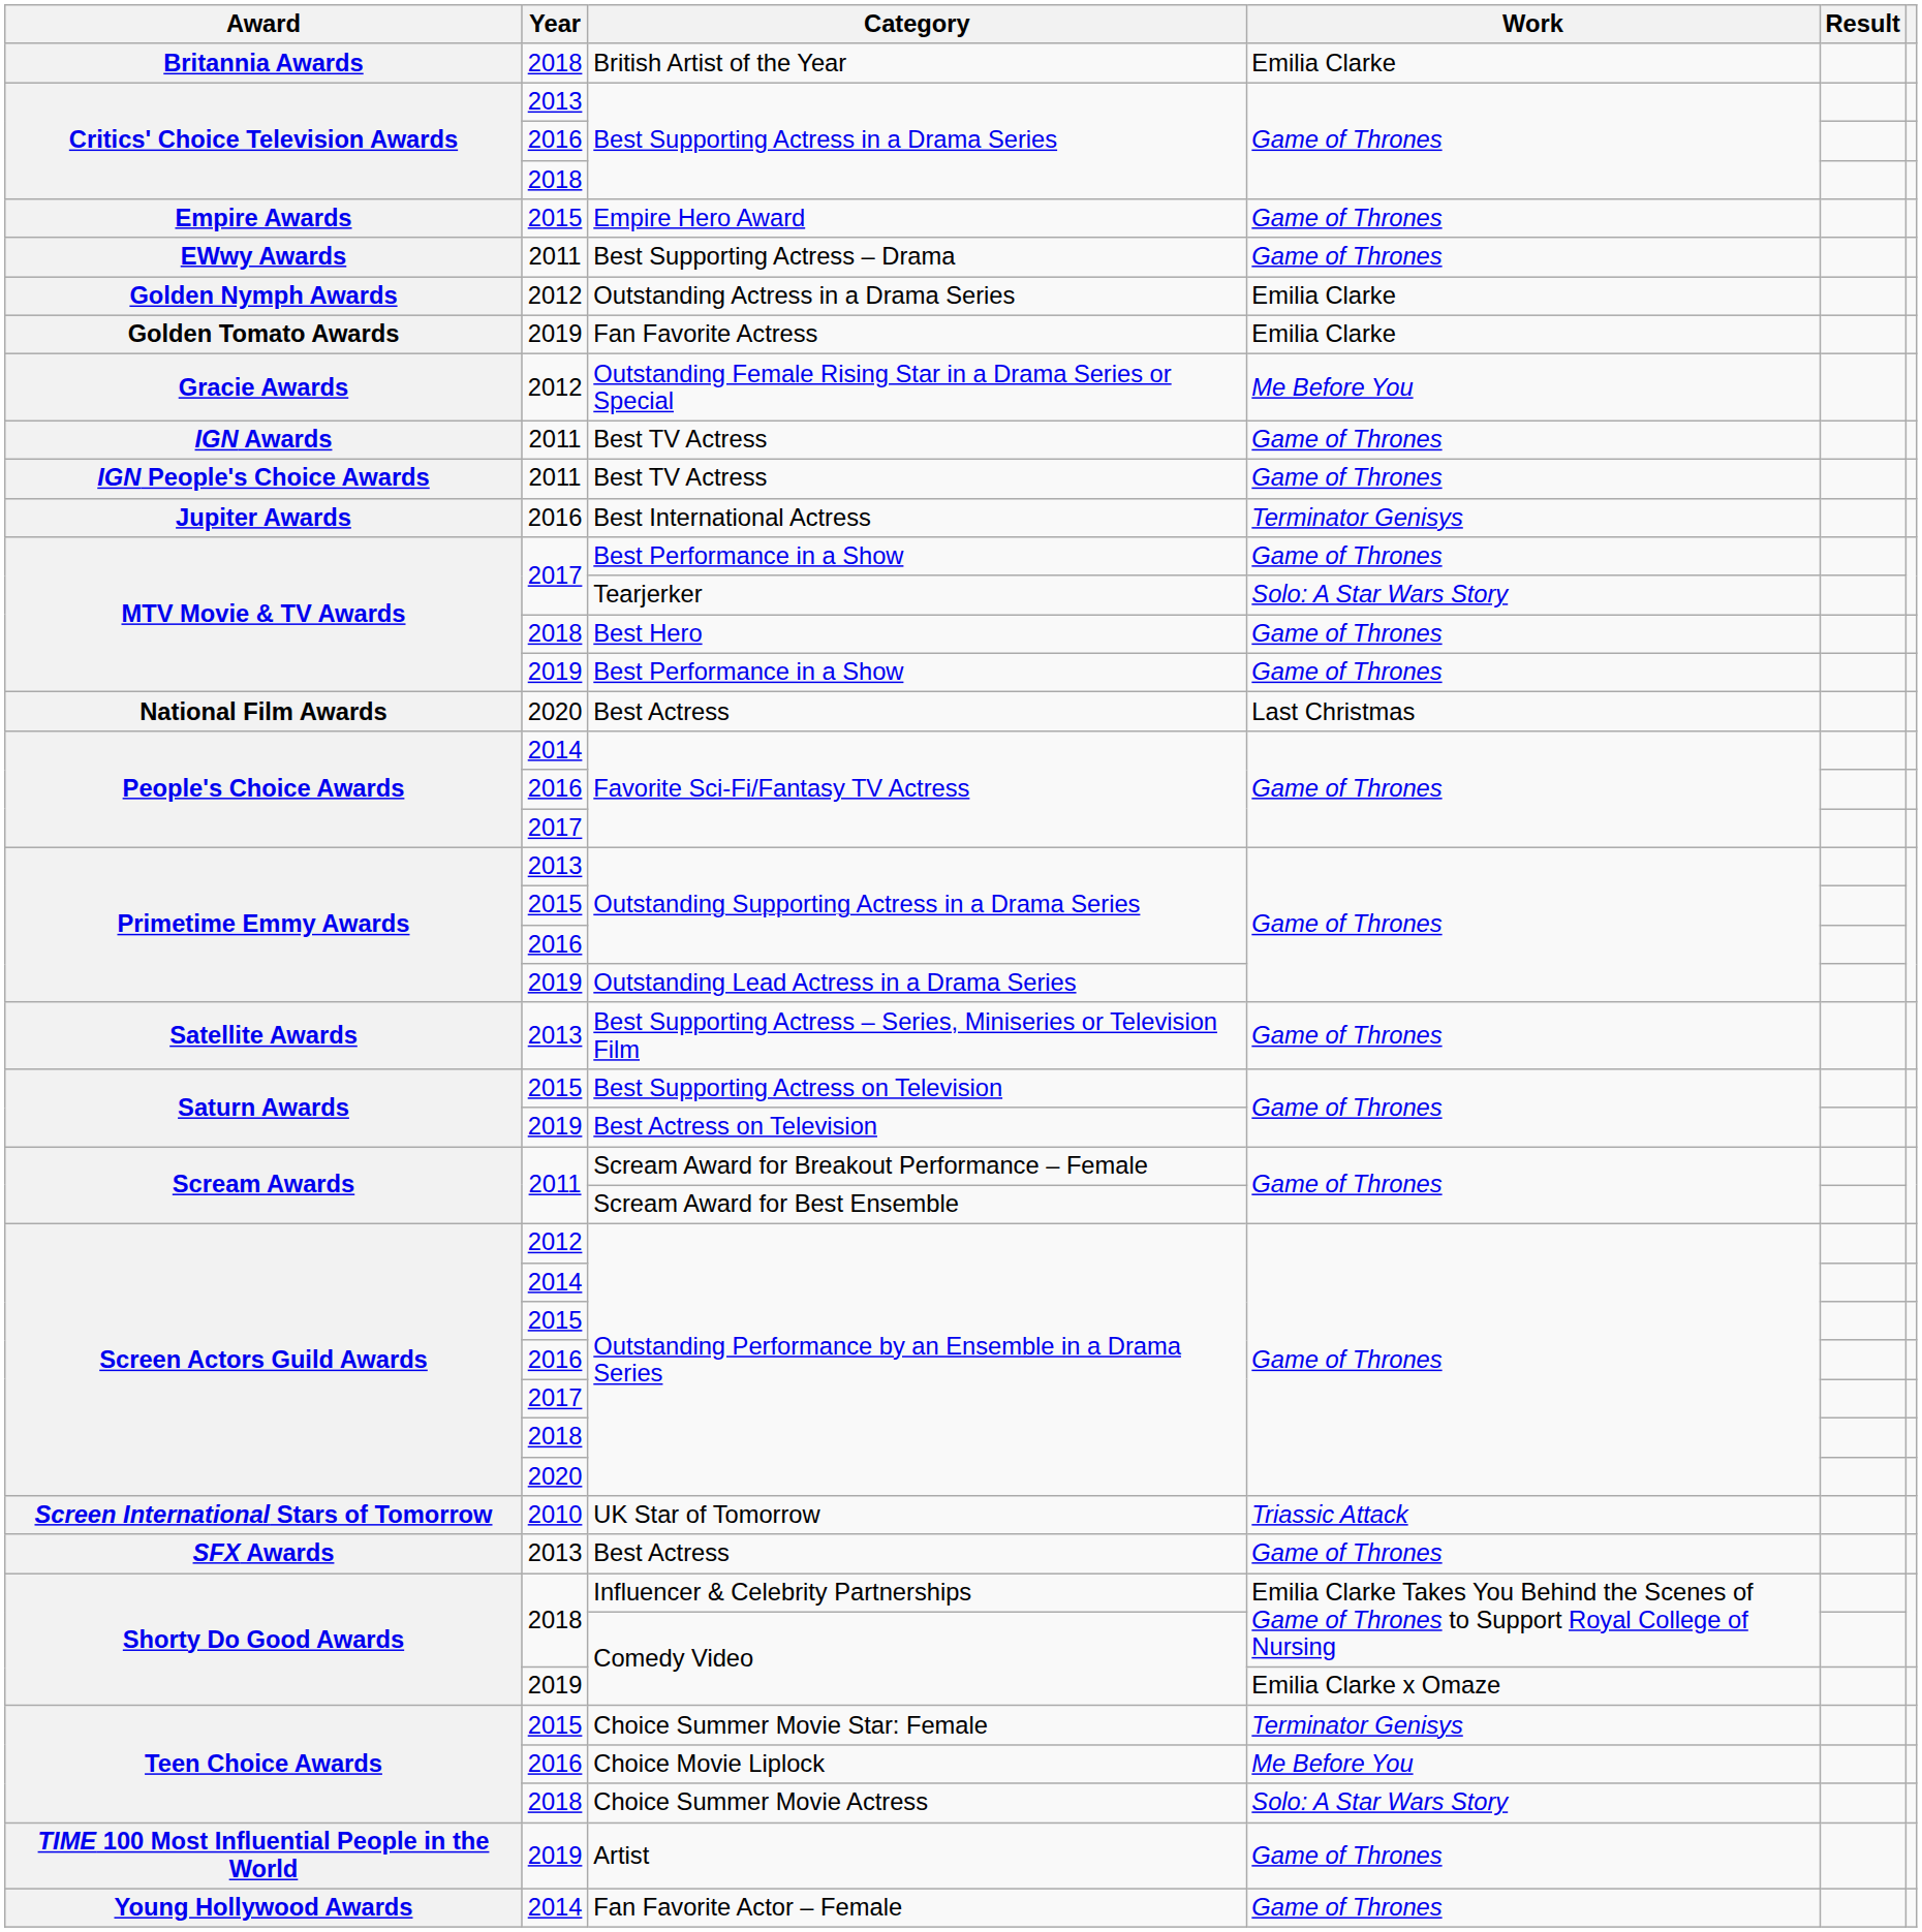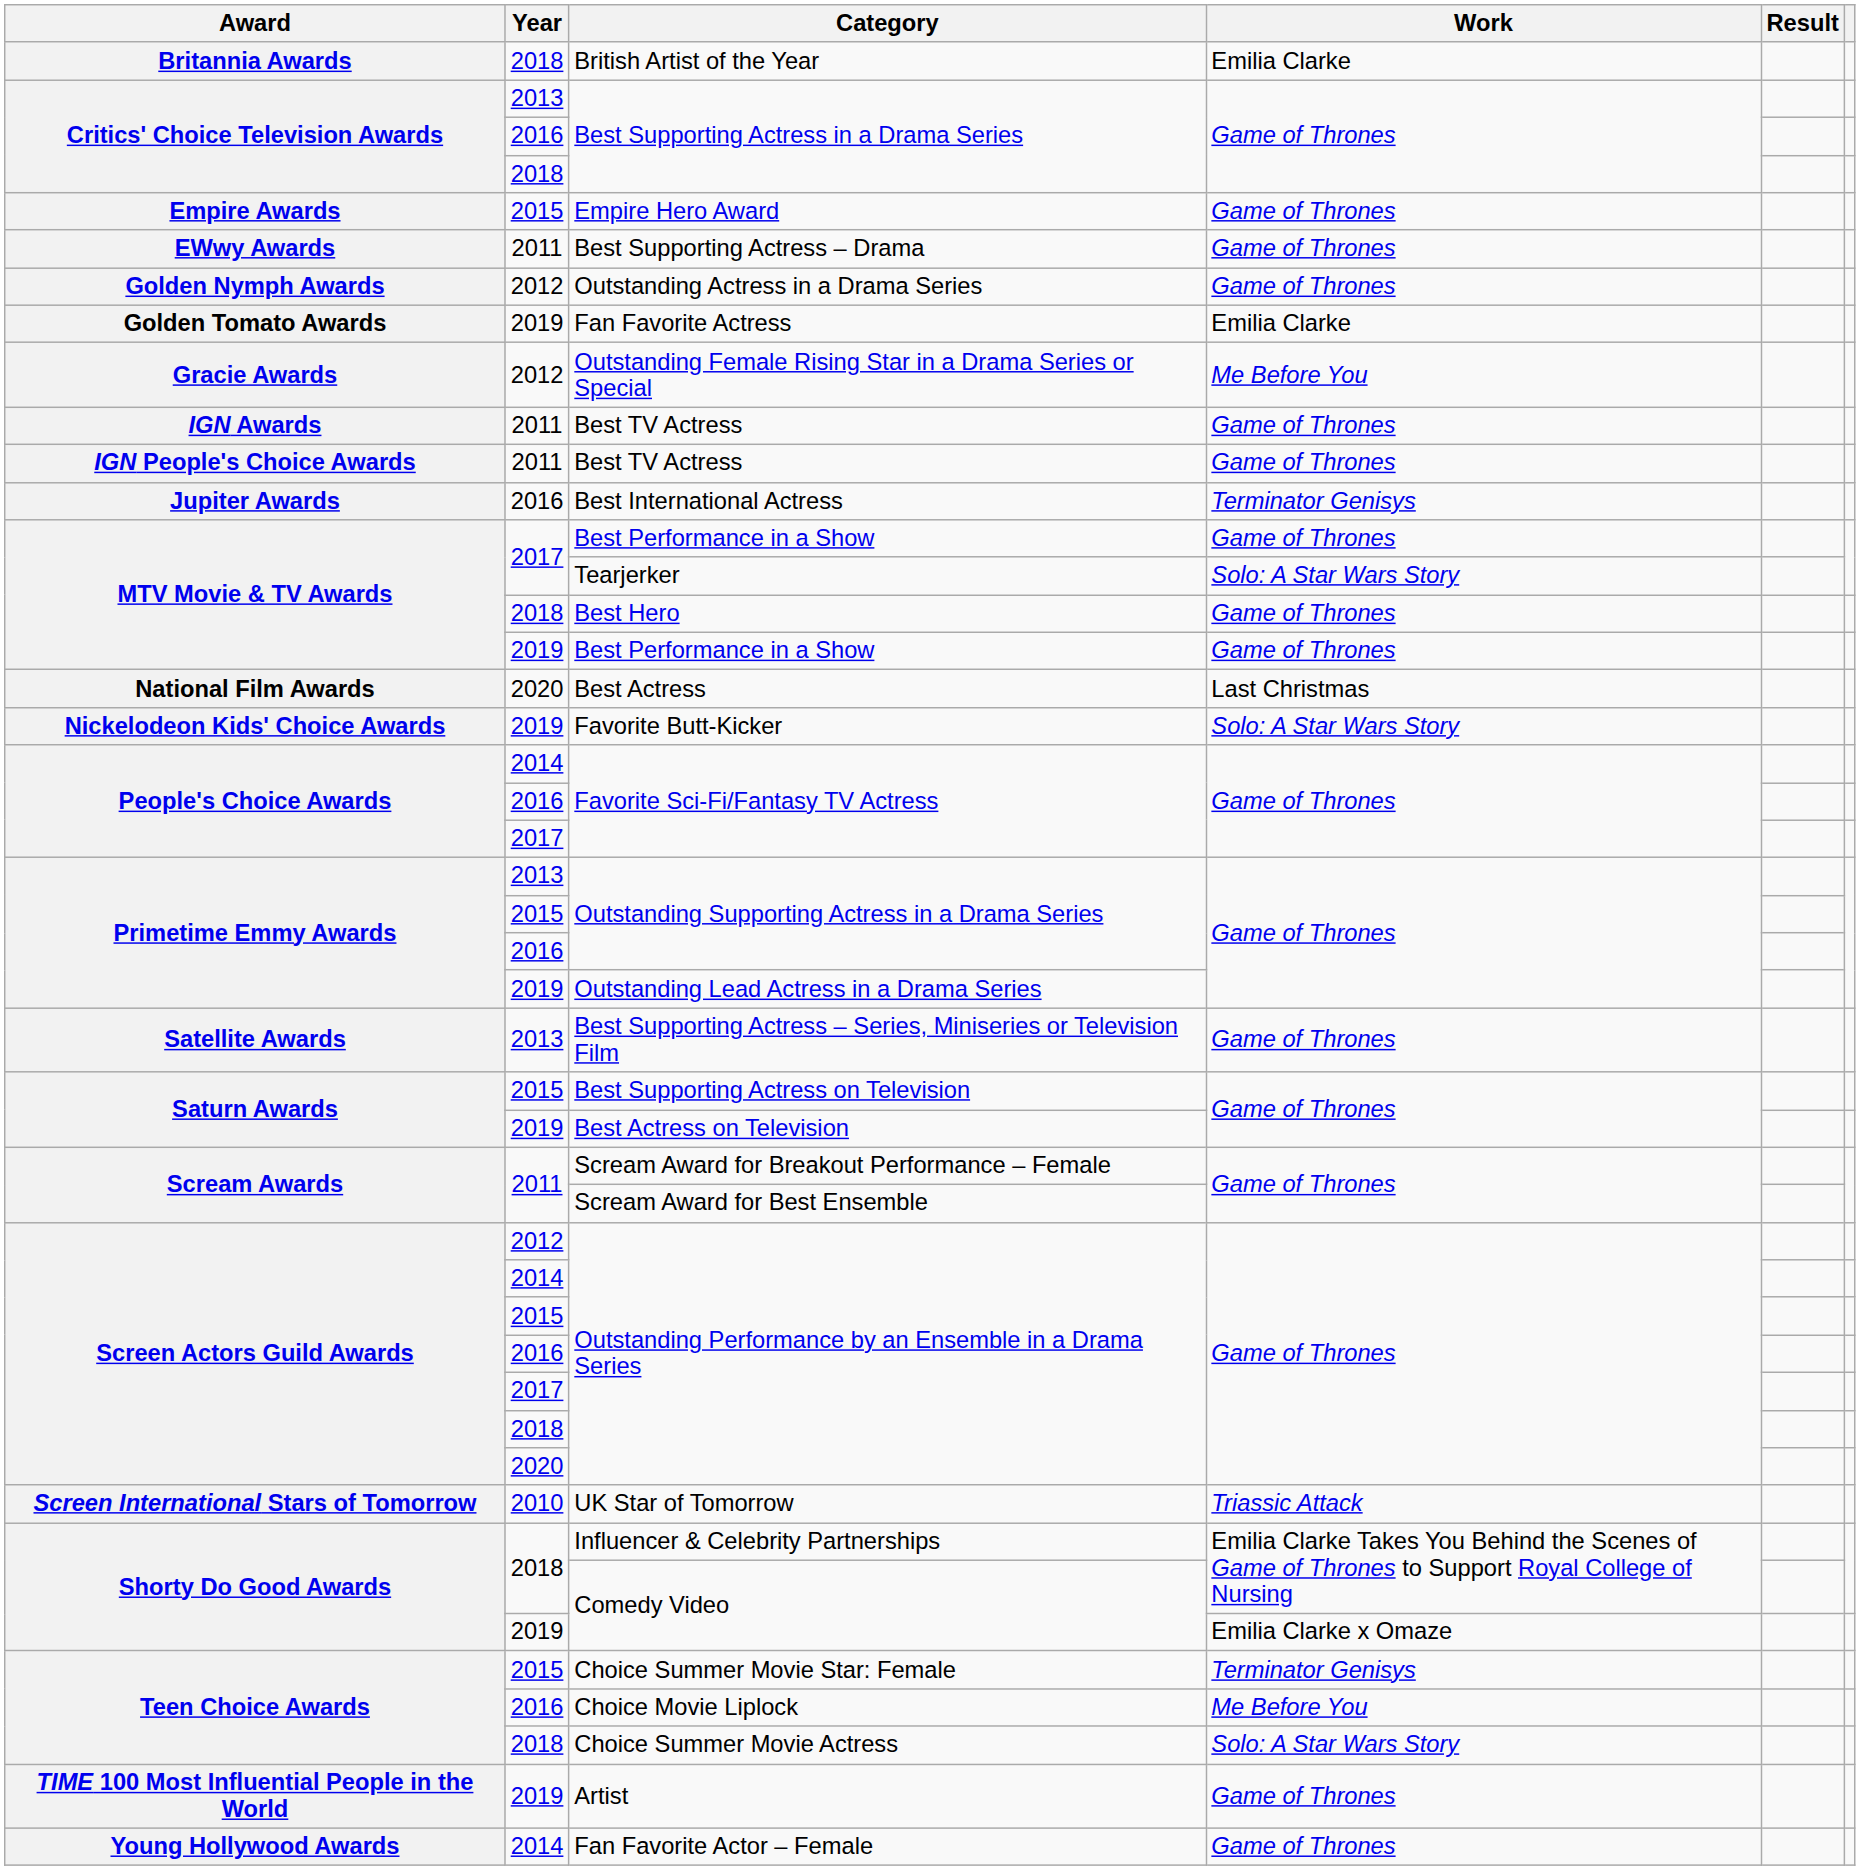 <table class="wikitable plainrowheaders sortable" style="width:99%;">
 <tr>
 <th scope="col">Award</th>
 <th scope="col">Year</th>
 <th scope="col">Category</th>
 <th scope="col" style="width: 30%;">Work</th>
 <th scope="col">Result</th>
 <th scope="col" class="unsortable"></th>
 </tr>
 <tr>
 <th scope="row"><a href='#'>Britannia Awards</a></th>
 <td style="text-align:center;"><a href='#'>2018</a></td>
 <td>British Artist of the Year</td>
 <td>Emilia Clarke</td>
 <td></td>
 <td style="text-align:center;"></td>
 </tr>
 <tr>
 <th scope="row" rowspan="3"><a href='#'>Critics' Choice Television Awards</a></th>
 <td style="text-align:center;"><a href='#'>2013</a></td>
 <td rowspan="3"><a href='#'>Best Supporting Actress in a Drama Series</a></td>
 <td rowspan="3"><em><a href='#'>Game of Thrones</a></em></td>
 <td></td>
 <td style="text-align:center;"></td>
 </tr>
 <tr>
 <td style="text-align:center;"><a href='#'>2016</a></td>
 <td></td>
 <td style="text-align:center;"></td>
 </tr>
 <tr>
 <td style="text-align:center;"><a href='#'>2018</a></td>
 <td></td>
 <td style="text-align:center;"></td>
 </tr>
 <tr>
 <th scope="row"><a href='#'>Empire Awards</a></th>
 <td style="text-align:center;"><a href='#'>2015</a></td>
 <td><a href='#'>Empire Hero Award</a></td>
 <td><em><a href='#'>Game of Thrones</a></em></td>
 <td></td>
 <td style="text-align:center;"></td>
 </tr>
 <tr>
 <th scope="row"><a href='#'>EWwy Awards</a></th>
 <td style="text-align:center;">2011</td>
 <td>Best Supporting Actress – Drama</td>
 <td><em><a href='#'>Game of Thrones</a></em></td>
 <td></td>
 <td style="text-align:center;"></td>
 </tr>
 <tr>
 <th scope="row"><a href='#'>Golden Nymph Awards</a></th>
 <td style="text-align:center;">2012</td>
 <td>Outstanding Actress in a Drama Series</td>
-<td>Emilia Clarke</td>
+<td><em><a href='#'>Game of Thrones</a></em></td>
 <td></td>
 <td style="text-align:center;"></td>
 </tr>
 <tr>
 <th scope="row">Golden Tomato Awards</th>
 <td style="text-align:center;">2019</td>
 <td>Fan Favorite Actress</td>
 <td>Emilia Clarke</td>
 <td></td>
 <td></td>
 </tr>
 <tr>
 <th scope="row"><a href='#'>Gracie Awards</a></th>
 <td style="text-align:center;">2012</td>
 <td><a href='#'>Outstanding Female Rising Star in a Drama Series or Special</a></td>
 <td><em><a href='#'>Me Before You</a></em></td>
 <td></td>
 <td style="text-align:center;"></td>
 </tr>
 <tr>
 <th scope="row"><a href='#'><em>IGN</em> Awards</a></th>
 <td style="text-align:center;">2011</td>
 <td>Best TV Actress</td>
 <td><em><a href='#'>Game of Thrones</a></em></td>
 <td></td>
 <td style="text-align:center;"></td>
 </tr>
 <tr>
 <th scope="row"><a href='#'><em>IGN</em> People's Choice Awards</a></th>
 <td style="text-align:center;">2011</td>
 <td>Best TV Actress</td>
 <td><em><a href='#'>Game of Thrones</a></em></td>
 <td></td>
 <td style="text-align:center;"></td>
 </tr>
 <tr>
 <th scope="row"><a href='#'>Jupiter Awards</a></th>
 <td style="text-align:center;">2016</td>
 <td>Best International Actress</td>
 <td><em><a href='#'>Terminator Genisys</a></em></td>
 <td></td>
 <td style="text-align:center;"></td>
 </tr>
 <tr>
 <th scope="row" rowspan="4"><a href='#'>MTV Movie & TV Awards</a></th>
 <td style="text-align:center;" rowspan="2"><a href='#'>2017</a></td>
 <td><a href='#'>Best Performance in a Show</a></td>
 <td><em><a href='#'>Game of Thrones</a></em></td>
 <td></td>
 <td style="text-align:center;" rowspan="2"></td>
 </tr>
 <tr>
 <td>Tearjerker</td>
 <td><em><a href='#'>Solo: A Star Wars Story</a></em></td>
 <td></td>
 </tr>
 <tr>
 <td style="text-align:center;" rowspan="1"><a href='#'>2018</a></td>
 <td><a href='#'>Best Hero</a></td>
 <td><em><a href='#'>Game of Thrones</a></em></td>
 <td></td>
 <td style="text-align:center;"></td>
 </tr>
 <tr>
 <td style="text-align:center;" rowspan="1"><a href='#'>2019</a></td>
 <td><a href='#'>Best Performance in a Show</a></td>
 <td><em><a href='#'>Game of Thrones</a></em></td>
 <td></td>
 <td style="text-align:center;"></td>
 </tr>
 <tr>
 <th scope="row">National Film Awards</th>
 <td style="text-align:center;">2020</td>
 <td>Best Actress</td>
 <td>Last Christmas</td>
 <td></td>
 <td></td>
+</tr>
+<tr>
+<th scope="row"><a href='#'>Nickelodeon Kids' Choice Awards</a></th>
+<td style="text-align:center;"><a href='#'>2019</a></td>
+<td>Favorite Butt-Kicker</td>
+<td><em><a href='#'>Solo: A Star Wars Story</a></em></td>
+<td></td>
+<td style="text-align:center;"></td>
 </tr>
 <tr>
 <th scope="row" rowspan="3"><a href='#'>People's Choice Awards</a></th>
 <td style="text-align:center;"><a href='#'>2014</a></td>
 <td rowspan="3"><a href='#'>Favorite Sci-Fi/Fantasy TV Actress</a></td>
 <td rowspan="3"><em><a href='#'>Game of Thrones</a></em></td>
 <td></td>
 <td style="text-align:center;"></td>
 </tr>
 <tr>
 <td style="text-align:center;"><a href='#'>2016</a></td>
 <td></td>
 <td style="text-align:center;"></td>
 </tr>
 <tr>
 <td style="text-align:center;"><a href='#'>2017</a></td>
 <td></td>
 <td style="text-align:center;"></td>
 </tr>
 <tr>
 <th scope="row" rowspan="4"><a href='#'>Primetime Emmy Awards</a></th>
 <td style="text-align:center;"><a href='#'>2013</a></td>
 <td rowspan="3"><a href='#'>Outstanding Supporting Actress in a Drama Series</a></td>
 <td rowspan="4"><em><a href='#'>Game of Thrones</a></em></td>
 <td></td>
 <td rowspan="4" style="text-align:center;"></td>
 </tr>
 <tr>
 <td style="text-align:center;"><a href='#'>2015</a></td>
 <td></td>
 </tr>
 <tr>
 <td style="text-align:center;"><a href='#'>2016</a></td>
 <td></td>
 </tr>
 <tr>
 <td style="text-align:center;"><a href='#'>2019</a></td>
 <td><a href='#'>Outstanding Lead Actress in a Drama Series</a></td>
 <td></td>
 </tr>
 <tr>
 <th scope="row"><a href='#'>Satellite Awards</a></th>
 <td style="text-align:center;"><a href='#'>2013</a></td>
 <td><a href='#'>Best Supporting Actress – Series, Miniseries or Television Film</a></td>
 <td><em><a href='#'>Game of Thrones</a></em></td>
 <td></td>
 <td style="text-align:center;"></td>
 </tr>
 <tr>
 <th scope="row" rowspan="2"><a href='#'>Saturn Awards</a></th>
 <td style="text-align:center;"><a href='#'>2015</a></td>
 <td><a href='#'>Best Supporting Actress on Television</a></td>
 <td rowspan="2"><em><a href='#'>Game of Thrones</a></em></td>
 <td></td>
 <td style="text-align:center;"></td>
 </tr>
 <tr>
 <td style="text-align:center;"><a href='#'>2019</a></td>
 <td><a href='#'>Best Actress on Television</a></td>
 <td></td>
 <td style="text-align:center;"></td>
 </tr>
 <tr>
 <th scope="row" rowspan="2"><a href='#'>Scream Awards</a></th>
 <td style="text-align:center;" rowspan="2"><a href='#'>2011</a></td>
 <td>Scream Award for Breakout Performance – Female</td>
 <td rowspan="2"><em><a href='#'>Game of Thrones</a></em></td>
 <td></td>
 <td rowspan="2" style="text-align:center;"></td>
 </tr>
 <tr>
 <td>Scream Award for Best Ensemble</td>
 <td></td>
 </tr>
 <tr>
 <th scope="row" rowspan="7"><a href='#'>Screen Actors Guild Awards</a></th>
 <td style="text-align:center;"><a href='#'>2012</a></td>
 <td rowspan="7"><a href='#'>Outstanding Performance by an Ensemble in a Drama Series</a></td>
 <td rowspan="7"><em><a href='#'>Game of Thrones</a></em></td>
 <td></td>
 <td style="text-align:center;"></td>
 </tr>
 <tr>
 <td style="text-align:center;"><a href='#'>2014</a></td>
 <td></td>
 <td style="text-align:center;"></td>
 </tr>
 <tr>
 <td style="text-align:center;"><a href='#'>2015</a></td>
 <td></td>
 <td style="text-align:center;"></td>
 </tr>
 <tr>
 <td style="text-align:center;"><a href='#'>2016</a></td>
 <td></td>
 <td style="text-align:center;"></td>
 </tr>
 <tr>
 <td style="text-align:center;"><a href='#'>2017</a></td>
 <td></td>
 <td style="text-align:center;"></td>
 </tr>
 <tr>
 <td style="text-align:center;"><a href='#'>2018</a></td>
 <td></td>
 <td style="text-align:center;"></td>
 </tr>
 <tr>
 <td style="text-align:center;"><a href='#'>2020</a></td>
 <td></td>
 <td style="text-align:center;"></td>
 </tr>
 <tr>
 <th scope="row"><a href='#'><em>Screen International</em> Stars of Tomorrow</a></th>
 <td style="text-align:center;"><a href='#'>2010</a></td>
 <td>UK Star of Tomorrow</td>
 <td><em><a href='#'>Triassic Attack</a></em></td>
 <td></td>
 <td style="text-align:center;"></td>
 </tr>
 <tr>
-<th scope="row"><a href='#'><em>SFX</em> Awards</a></th>
-<td style="text-align:center;">2013</td>
-<td>Best Actress</td>
-<td><em><a href='#'>Game of Thrones</a></em></td>
-<td></td>
-<td style="text-align:center;"></td>
-</tr>
-<tr>
 <th scope="row" rowspan="3"><a href='#'>Shorty Do Good Awards</a></th>
 <td rowspan="2" style="text-align:center;">2018</td>
 <td>Influencer & Celebrity Partnerships</td>
 <td rowspan="2">Emilia Clarke Takes You Behind the Scenes of <em><a href='#'>Game of Thrones</a></em> to Support <a href='#'>Royal College of Nursing</a></td>
 <td></td>
 <td style="text-align:center;" rowspan="2"></td>
 </tr>
 <tr>
 <td rowspan="2">Comedy Video</td>
 <td></td>
 </tr>
 <tr>
 <td style="text-align:center;">2019</td>
 <td>Emilia Clarke x Omaze</td>
 <td></td>
 <td style="text-align:center;"></td>
 </tr>
 <tr>
 <th scope="row" rowspan="3"><a href='#'>Teen Choice Awards</a></th>
 <td style="text-align:center;"><a href='#'>2015</a></td>
 <td>Choice Summer Movie Star: Female</td>
 <td><em><a href='#'>Terminator Genisys</a></em></td>
 <td></td>
 <td style="text-align:center;"></td>
 </tr>
 <tr>
 <td style="text-align:center;"><a href='#'>2016</a></td>
 <td>Choice Movie Liplock</td>
 <td><em><a href='#'>Me Before You</a></em></td>
 <td></td>
 <td style="text-align:center;"></td>
 </tr>
 <tr>
 <td style="text-align:center;"><a href='#'>2018</a></td>
 <td>Choice Summer Movie Actress</td>
 <td><em><a href='#'>Solo: A Star Wars Story</a></em></td>
 <td></td>
 <td style="text-align:center;"></td>
 </tr>
 <tr>
 <th scope="row"><a href='#'><em>TIME</em> 100 Most Influential People in the World</a></th>
 <td scope="row" style="text-align:center;"><a href='#'>2019</a></td>
 <td>Artist</td>
 <td><em><a href='#'>Game of Thrones</a></em></td>
 <td></td>
 <td style="text-align:center;"></td>
 </tr>
 <tr>
 <th scope="row"><a href='#'>Young Hollywood Awards</a></th>
 <td style="text-align:center;"><a href='#'>2014</a></td>
 <td>Fan Favorite Actor – Female</td>
 <td><em><a href='#'>Game of Thrones</a></em></td>
 <td></td>
 <td style="text-align:center;"></td>
 </tr>
 </table>
